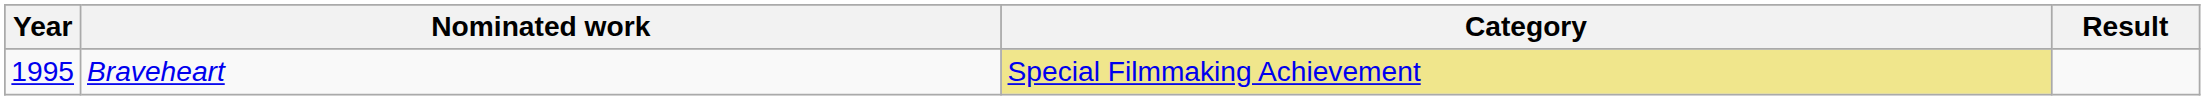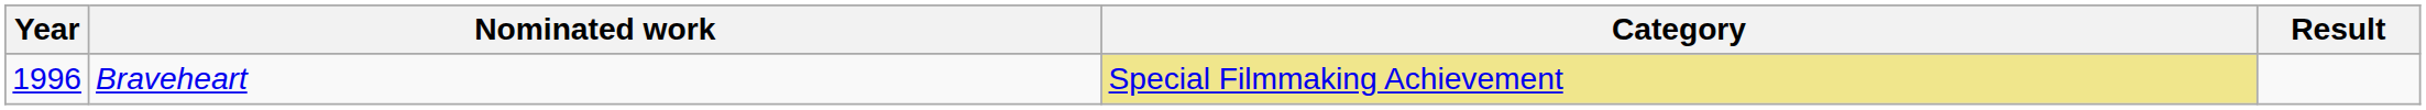 <table class="wikitable">
 <tr>
 <th scope="col" style="width:1em;">Year</th>
 <th scope="col" style="width:35em;">Nominated work</th>
 <th scope="col" style="width:40em;">Category</th>
 <th scope="col" style="width:5em;">Result</th>
 </tr>
 <tr>
-<td><a href='#'>1995</a></td>
+<td><a href='#'>1996</a></td>
 <td><em><a href='#'>Braveheart</a></em></td>
 <td style="background: khaki;"><a href='#'>Special Filmmaking Achievement</a></td>
 <td></td>
 </tr>
 </table>
